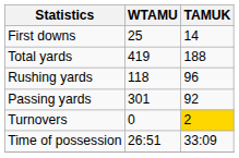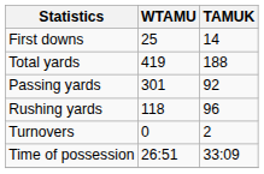 <table class="wikitable">
 <tr>
 <th>Statistics</th>
 <th>WTAMU</th>
 <th>TAMUK</th>
 </tr>
 <tr>
 <td>First downs</td>
 <td>25</td>
 <td>14</td>
 </tr>
 <tr>
 <td>Total yards</td>
 <td>419</td>
 <td>188</td>
 </tr>
 <tr>
+<td>Passing yards</td>
+<td>301</td>
+<td>92</td>
+</tr>
+<tr>
 <td>Rushing yards</td>
 <td>118</td>
 <td>96</td>
 </tr>
 <tr>
-<td>Passing yards</td>
-<td>301</td>
-<td>92</td>
-</tr>
-<tr>
 <td>Turnovers</td>
 <td>0</td>
-<td style="background: gold;">2</td>
+<td>2</td>
 </tr>
 <tr>
 <td>Time of possession</td>
 <td>26:51</td>
 <td>33:09</td>
 </tr>
 <tr>
 </tr>
 </table>
